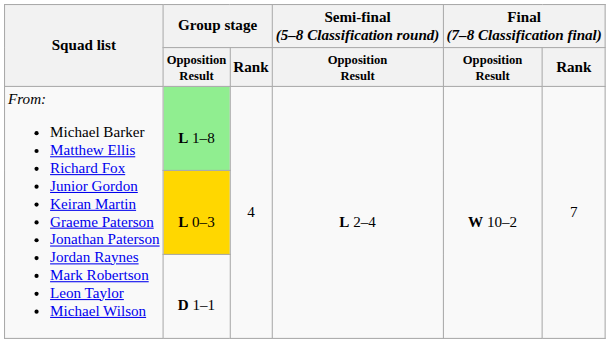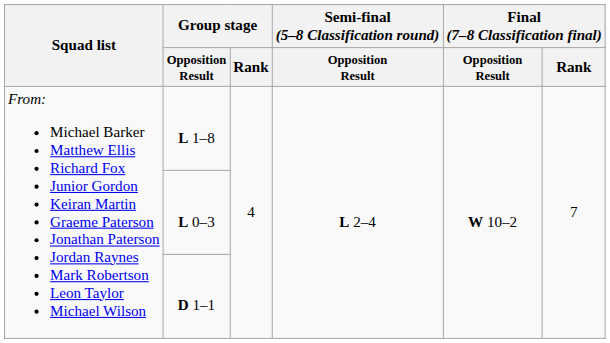 <table class=wikitable style="font-size:90%">
 <tr>
 <th rowspan="2">Squad list</th>
 <th colspan="2">Group stage</th>
 <th>Semi-final<br><em>(5–8 Classification round)</em></th>
 <th colspan="2">Final<br><em>(7–8 Classification final)</em></th>
 </tr>
 <tr>
 <th style="line-height:1em"><small>Opposition<br>Result</small></th>
 <th>Rank</th>
 <th style="line-height:1em"><small>Opposition<br>Result</small></th>
 <th style="line-height:1em"><small>Opposition<br>Result</small></th>
 <th>Rank</th>
 </tr>
 <tr>
 <td rowspan="3"><em>From:</em><br><ul><li>Michael Barker</li><li><a href='#'>Matthew Ellis</a></li><li><a href='#'>Richard Fox</a></li><li><a href='#'>Junior Gordon</a></li><li><a href='#'>Keiran Martin</a></li><li><a href='#'>Graeme Paterson</a></li><li><a href='#'>Jonathan Paterson</a></li><li><a href='#'>Jordan Raynes</a></li><li><a href='#'>Mark Robertson</a></li><li><a href='#'>Leon Taylor</a></li><li><a href='#'>Michael Wilson</a></li></ul></td>
-<td align="center" style="background: lightgreen;"> <br><br><strong>L</strong> 1–8<br> </td>
+<td align="center"> <br><br><strong>L</strong> 1–8<br> </td>
 <td rowspan="3" align=center>4</td>
 <td rowspan="3" align="center"><em></em><br><strong>L</strong> 2–4</td>
 <td rowspan="3" align="center"><em></em><br><strong>W</strong> 10–2</td>
 <td rowspan="3" align="center">7</td>
 </tr>
 <tr>
-<td align="center" style="background: gold;"> <br><br><strong>L</strong> 0–3<br> </td>
+<td align="center"> <br><br><strong>L</strong> 0–3<br> </td>
 </tr>
 <tr>
 <td align="center"> <br><br><strong>D</strong> 1–1<br> </td>
 </tr>
 </table>
